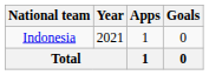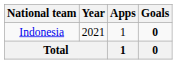 <table class=wikitable style=text-align:center>
 <tr>
 <th>National team</th>
 <th>Year</th>
 <th>Apps</th>
 <th>Goals</th>
 </tr>
 <tr>
 <td><a href='#'>Indonesia</a></td>
 <td>2021</td>
 <td>1</td>
-<td>0</td>
+<td><strong>0</strong></td>
 </tr>
 <tr>
 <th colspan=2>Total</th>
 <th>1</th>
 <th>0</th>
 </tr>
 </table>
